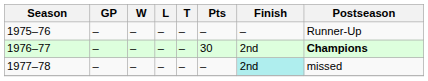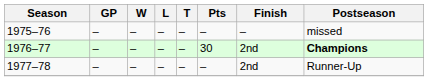 <table class="wikitable" width=600>
 <tr>
 <th>Season</th>
 <th>GP</th>
 <th>W</th>
 <th>L</th>
 <th>T</th>
 <th>Pts</th>
 <th>Finish</th>
 <th>Postseason</th>
 </tr>
 <tr>
 <td>1975–76</td>
 <td>–</td>
 <td>–</td>
 <td>–</td>
 <td>–</td>
 <td>–</td>
 <td>–</td>
-<td>Runner-Up</td>
+<td>missed</td>
 </tr>
 <tr bgcolor=ddffdd>
 <td>1976–77</td>
 <td>–</td>
 <td>–</td>
 <td>–</td>
 <td>–</td>
 <td>30</td>
 <td>2nd</td>
 <td><strong>Champions</strong></td>
 </tr>
 <tr>
 <td>1977–78</td>
 <td>–</td>
 <td>–</td>
 <td>–</td>
 <td>–</td>
 <td>–</td>
-<td style="background: paleturquoise;">2nd</td>
-<td>missed</td>
+<td>2nd</td>
+<td>Runner-Up</td>
 </tr>
 <tr>
 </tr>
 </table>
